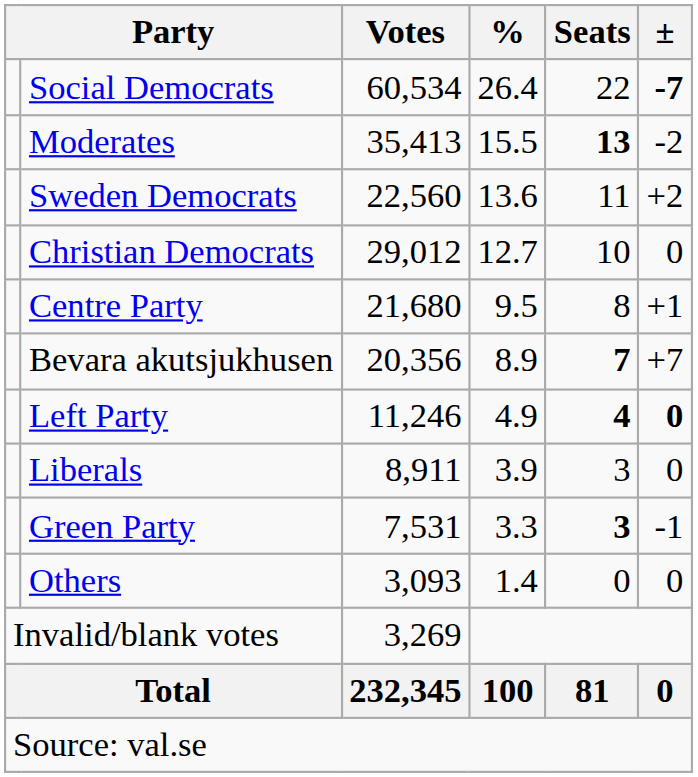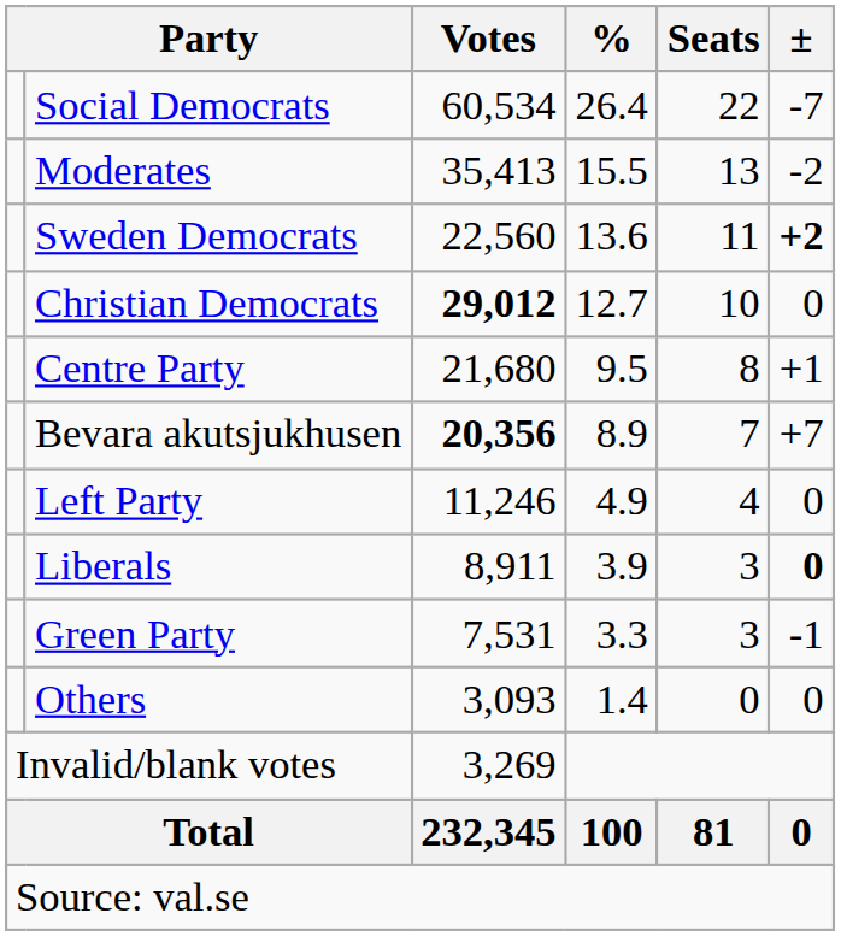 <table class=wikitable style=text-align:right>
 <tr>
 <th colspan=2>Party</th>
 <th>Votes</th>
 <th>%</th>
 <th>Seats</th>
 <th>±</th>
 </tr>
 <tr>
 <td bgcolor=></td>
 <td align=left><a href='#'>Social Democrats</a></td>
 <td>60,534</td>
 <td>26.4</td>
 <td>22</td>
-<td><strong>-7</strong></td>
+<td>-7</td>
 </tr>
 <tr>
 <td bgcolor=></td>
 <td align=left><a href='#'>Moderates</a></td>
 <td>35,413</td>
 <td>15.5</td>
-<td><strong>13</strong></td>
+<td>13</td>
 <td>-2</td>
 </tr>
 <tr>
 <td bgcolor=></td>
 <td align=left><a href='#'>Sweden Democrats</a></td>
 <td>22,560</td>
 <td>13.6</td>
 <td>11</td>
-<td>+2</td>
+<td><strong>+2</strong></td>
 </tr>
 <tr>
 <td bgcolor=></td>
 <td align=left><a href='#'>Christian Democrats</a></td>
-<td>29,012</td>
+<td><strong>29,012</strong></td>
 <td>12.7</td>
 <td>10</td>
 <td>0</td>
 </tr>
 <tr>
 <td bgcolor=></td>
 <td align=left><a href='#'>Centre Party</a></td>
 <td>21,680</td>
 <td>9.5</td>
 <td>8</td>
 <td>+1</td>
 </tr>
 <tr>
 <td></td>
 <td align=left>Bevara akutsjukhusen</td>
-<td>20,356</td>
+<td><strong>20,356</strong></td>
 <td>8.9</td>
-<td><strong>7</strong></td>
+<td>7</td>
 <td>+7</td>
 </tr>
 <tr>
 <td bgcolor=></td>
 <td align=left><a href='#'>Left Party</a></td>
 <td>11,246</td>
 <td>4.9</td>
-<td><strong>4</strong></td>
-<td><strong>0</strong></td>
+<td>4</td>
+<td>0</td>
 </tr>
 <tr>
 <td bgcolor=></td>
 <td align=left><a href='#'>Liberals</a></td>
 <td>8,911</td>
 <td>3.9</td>
 <td>3</td>
-<td>0</td>
+<td><strong>0</strong></td>
 </tr>
 <tr>
 <td bgcolor=></td>
 <td align=left><a href='#'>Green Party</a></td>
 <td>7,531</td>
 <td>3.3</td>
-<td><strong>3</strong></td>
+<td>3</td>
 <td>-1</td>
 </tr>
 <tr>
 <td></td>
 <td align=left><a href='#'>Others</a></td>
 <td>3,093</td>
 <td>1.4</td>
 <td>0</td>
 <td>0</td>
 </tr>
 <tr>
 <td align=left colspan=2>Invalid/blank votes</td>
 <td>3,269</td>
 <td colspan=3></td>
 </tr>
 <tr>
 <th align=left colspan=2>Total</th>
 <th>232,345</th>
 <th>100</th>
 <th>81</th>
 <th>0</th>
 </tr>
 <tr>
 <td align=left colspan=6>Source: val.se </td>
 </tr>
 </table>
